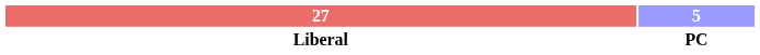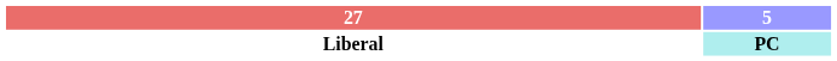 <table style="width:55%; text-align:center;">
 <tr style="color:white;">
 <td style="background:#EA6D6A; width:84.38%;"><strong>27</strong></td>
 <td style="background:#9999FF; width:15.62%;"><strong>5</strong></td>
 </tr>
 <tr>
 <td><span><strong>Liberal</strong></span></td>
-<td><span><strong>PC</strong></span></td>
+<td style="background: paleturquoise;"><span><strong>PC</strong></span></td>
 </tr>
 </table>
